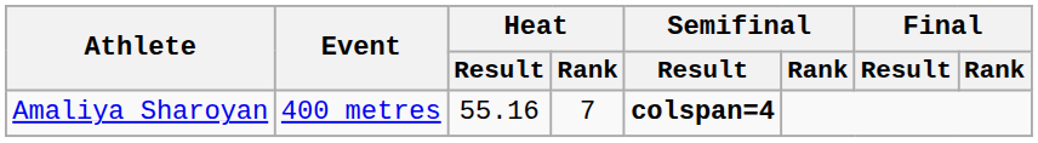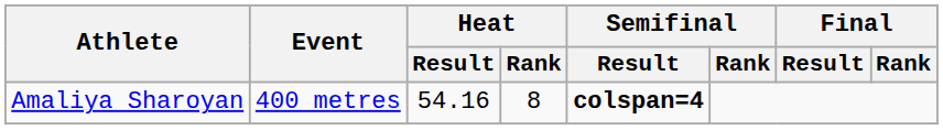 <table class="wikitable" style="font-size:90%">
 <tr>
 <th rowspan="2">Athlete</th>
 <th rowspan="2">Event</th>
 <th colspan="2">Heat</th>
 <th colspan="2">Semifinal</th>
 <th colspan="2">Final</th>
 </tr>
 <tr style="font-size:95%">
 <th>Result</th>
 <th>Rank</th>
 <th>Result</th>
 <th>Rank</th>
 <th>Result</th>
 <th>Rank</th>
 </tr>
 <tr style=text-align:center>
 <td style=text-align:left><a href='#'>Amaliya Sharoyan</a></td>
 <td style=text-align:left><a href='#'>400 metres</a></td>
-<td>55.16</td>
-<td>7</td>
+<td>54.16</td>
+<td>8</td>
 <td><strong>colspan=4 </strong></td>
 </tr>
 </table>
